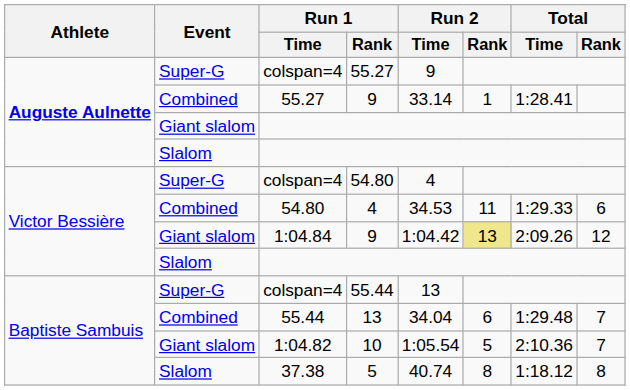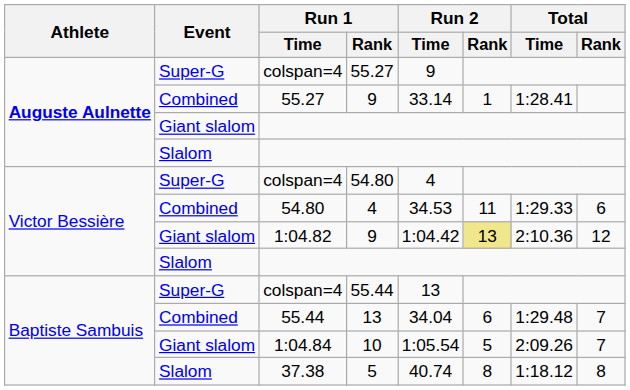 <table class="wikitable" style="font-size:90%">
 <tr>
 <th rowspan=2>Athlete</th>
 <th rowspan=2>Event</th>
 <th colspan=2>Run 1</th>
 <th colspan=2>Run 2</th>
 <th colspan=2>Total</th>
 </tr>
 <tr style="font-size:95%">
 <th>Time</th>
 <th>Rank</th>
 <th>Time</th>
 <th>Rank</th>
 <th>Time</th>
 <th>Rank</th>
 </tr>
 <tr align=center>
 <td align="left" rowspan="4"><strong><a href='#'>Auguste Aulnette</a></strong></td>
 <td align="left"><a href='#'>Super-G</a></td>
 <td>colspan=4</td>
 <td>55.27</td>
 <td>9</td>
 </tr>
 <tr align=center>
 <td align="left"><a href='#'>Combined</a></td>
 <td>55.27</td>
 <td>9</td>
 <td>33.14</td>
 <td>1</td>
 <td>1:28.41</td>
 <td><strong></strong></td>
 </tr>
 <tr align=center>
 <td align="left"><a href='#'>Giant slalom</a></td>
 <td colspan=6></td>
 </tr>
 <tr align=center>
 <td align="left"><a href='#'>Slalom</a></td>
 <td colspan=6></td>
 </tr>
 <tr align=center>
 <td align="left" rowspan="4"><a href='#'>Victor Bessière</a></td>
 <td align="left"><a href='#'>Super-G</a></td>
 <td>colspan=4</td>
 <td>54.80</td>
 <td>4</td>
 </tr>
 <tr align=center>
 <td align="left"><a href='#'>Combined</a></td>
 <td>54.80</td>
 <td>4</td>
 <td>34.53</td>
 <td>11</td>
 <td>1:29.33</td>
 <td>6</td>
 </tr>
 <tr align=center>
 <td align="left"><a href='#'>Giant slalom</a></td>
-<td>1:04.84</td>
+<td>1:04.82</td>
 <td>9</td>
 <td>1:04.42</td>
 <td style="background: khaki;">13</td>
-<td>2:09.26</td>
+<td>2:10.36</td>
 <td>12</td>
 </tr>
 <tr align=center>
 <td align="left"><a href='#'>Slalom</a></td>
 <td colspan=6></td>
 </tr>
 <tr align=center>
 <td align="left" rowspan="4"><a href='#'>Baptiste Sambuis</a></td>
 <td align="left"><a href='#'>Super-G</a></td>
 <td>colspan=4</td>
 <td>55.44</td>
 <td>13</td>
 </tr>
 <tr align=center>
 <td align="left"><a href='#'>Combined</a></td>
 <td>55.44</td>
 <td>13</td>
 <td>34.04</td>
 <td>6</td>
 <td>1:29.48</td>
 <td>7</td>
 </tr>
 <tr align=center>
 <td align="left"><a href='#'>Giant slalom</a></td>
-<td>1:04.82</td>
+<td>1:04.84</td>
 <td>10</td>
 <td>1:05.54</td>
 <td>5</td>
-<td>2:10.36</td>
+<td>2:09.26</td>
 <td>7</td>
 </tr>
 <tr align=center>
 <td align="left"><a href='#'>Slalom</a></td>
 <td>37.38</td>
 <td>5</td>
 <td>40.74</td>
 <td>8</td>
 <td>1:18.12</td>
 <td>8</td>
 </tr>
 </table>
